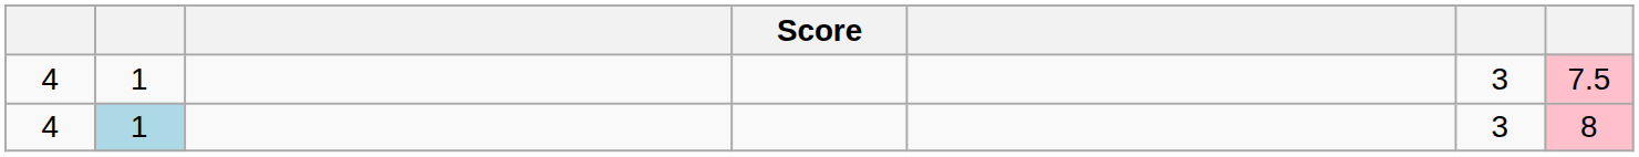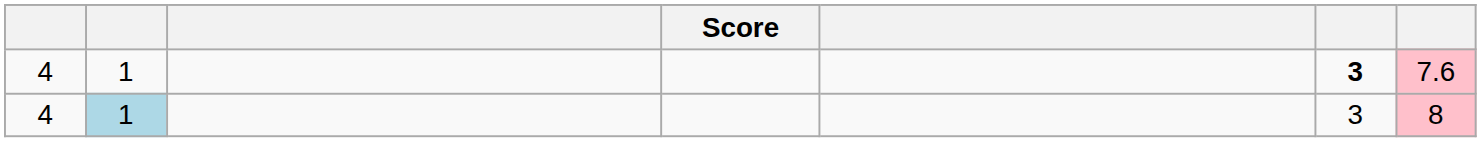 <table class="wikitable" style="text-align: center; font-size:90%" |>
 <tr>
 <th width="35"></th>
 <th width="35"></th>
 <th width="250"></th>
 <th width="75">Score</th>
 <th width="250"></th>
 <th width="35"></th>
 <th width="35"></th>
 </tr>
 <tr>
 <td>4</td>
 <td>1</td>
 <td style="text-align:left;"><strong></strong></td>
 <td></td>
 <td style="text-align:left;"></td>
-<td>3</td>
-<td bgcolor=pink>7.5</td>
+<td><strong>3</strong></td>
+<td bgcolor=pink>7.6</td>
 </tr>
 <tr>
 <td>4</td>
 <td style="background: lightblue;">1</td>
 <td style="text-align:left;"><strong></strong></td>
 <td></td>
 <td style="text-align:left;"></td>
 <td>3</td>
 <td bgcolor=pink>8</td>
 </tr>
 </table>
